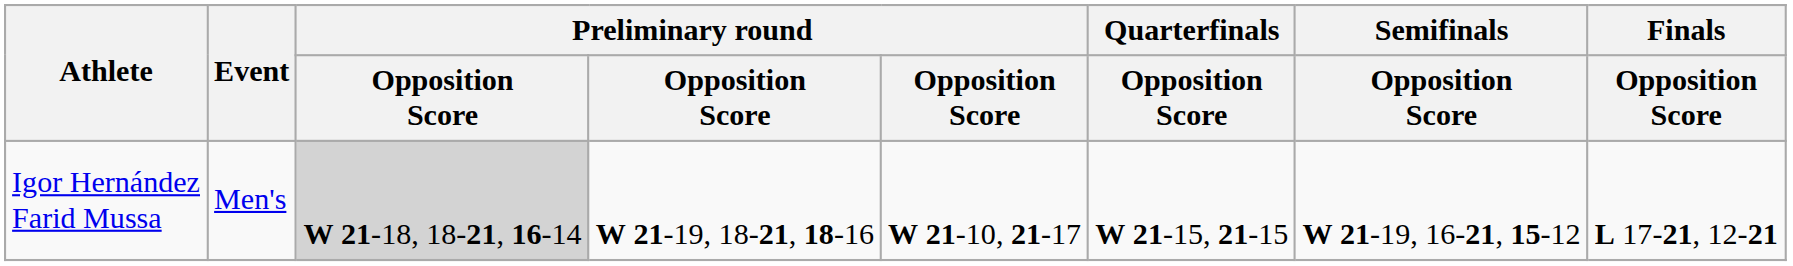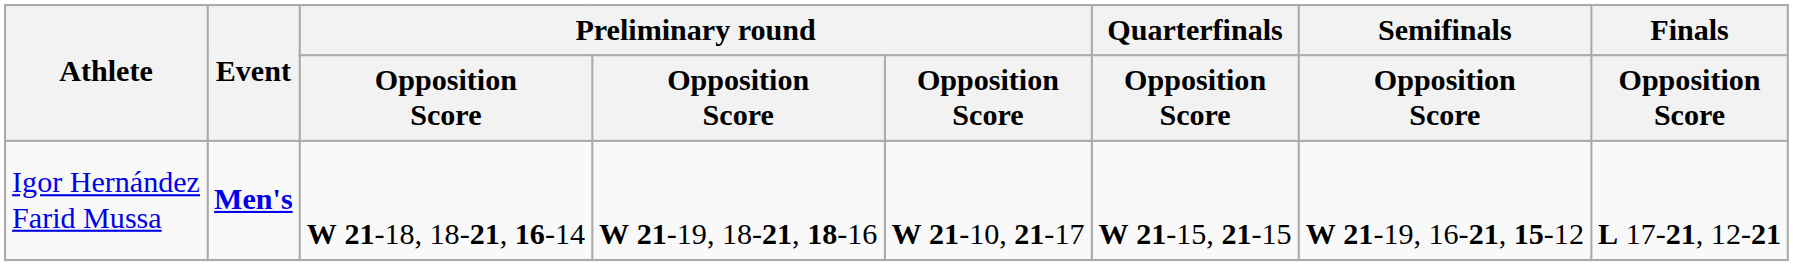 <table class="wikitable" style="font-size:90%;">
 <tr>
 <th rowspan=2>Athlete</th>
 <th rowspan=2>Event</th>
 <th colspan=3>Preliminary round</th>
 <th>Quarterfinals</th>
 <th>Semifinals</th>
 <th>Finals</th>
 </tr>
 <tr>
 <th>Opposition<br>Score</th>
 <th>Opposition<br>Score</th>
 <th>Opposition<br>Score</th>
 <th>Opposition<br>Score</th>
 <th>Opposition<br>Score</th>
 <th>Opposition<br>Score</th>
 </tr>
 <tr>
 <td><a href='#'>Igor Hernández</a> <br> <a href='#'>Farid Mussa</a></td>
-<td><a href='#'>Men's</a></td>
-<td style="background: lightgrey;"><br><br><strong>W</strong> <strong>21</strong>-18, 18-<strong>21</strong>, <strong>16</strong>-14</td>
+<td><strong><a href='#'>Men's</a></strong></td>
+<td><br><br><strong>W</strong> <strong>21</strong>-18, 18-<strong>21</strong>, <strong>16</strong>-14</td>
 <td><br><br><strong>W</strong> <strong>21</strong>-19, 18-<strong>21</strong>, <strong>18</strong>-16</td>
 <td><br><br><strong>W</strong> <strong>21</strong>-10, <strong>21</strong>-17</td>
 <td><br><br><strong>W</strong> <strong>21</strong>-15, <strong>21</strong>-15</td>
 <td><br><br><strong>W</strong> <strong>21</strong>-19, 16-<strong>21</strong>, <strong>15</strong>-12</td>
 <td><br><br><strong>L</strong> 17-<strong>21</strong>, 12-<strong>21</strong><br></td>
 </tr>
 </table>
